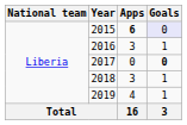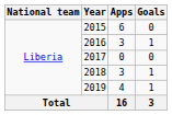 <table class="wikitable" style="text-align:center">
 <tr>
 <th>National team</th>
 <th>Year</th>
 <th>Apps</th>
 <th>Goals</th>
 </tr>
 <tr>
 <td rowspan="5"><a href='#'>Liberia</a></td>
 <td>2015</td>
-<td><strong>6</strong></td>
-<td style="background: lavender;">0</td>
+<td>6</td>
+<td>0</td>
 </tr>
 <tr>
 <td>2016</td>
 <td>3</td>
 <td>1</td>
 </tr>
 <tr>
 <td>2017</td>
 <td>0</td>
-<td><strong>0</strong></td>
+<td>0</td>
 </tr>
 <tr>
 <td>2018</td>
 <td>3</td>
 <td>1</td>
 </tr>
 <tr>
 <td>2019</td>
 <td>4</td>
 <td>1</td>
 </tr>
 <tr>
 <th colspan="2">Total</th>
 <th>16</th>
 <th>3</th>
 </tr>
 </table>
